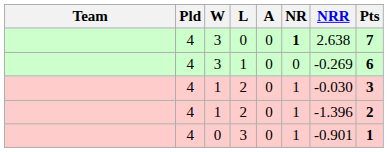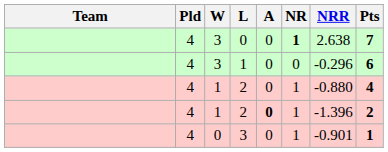 <table class="wikitable" style="text-align:center">
 <tr>
 <th width=175>Team</th>
 <th width=20 abbr="Played">Pld</th>
 <th width=20 abbr="Won">W</th>
 <th width=20 abbr="Lost">L</th>
 <th width=20 abbr="Lost">A</th>
 <th width=20 abbr="No result">NR</th>
 <th width=20 abbr="Net run rate"><a href='#'>NRR</a></th>
 <th width=20 abbr="Points">Pts</th>
 </tr>
 <tr bgcolor="#ccffcc">
 <td align="left"></td>
 <td>4</td>
 <td>3</td>
 <td>0</td>
 <td>0</td>
 <td><strong>1</strong></td>
 <td>2.638</td>
 <td><strong>7</strong></td>
 </tr>
 <tr bgcolor="#ccffcc">
 <td align="left"></td>
 <td>4</td>
 <td>3</td>
 <td>1</td>
 <td>0</td>
 <td>0</td>
-<td>-0.269</td>
+<td>-0.296</td>
 <td><strong>6</strong></td>
 </tr>
 <tr bgcolor="#ffcccc">
 <td align="left"></td>
 <td>4</td>
 <td>1</td>
 <td>2</td>
 <td>0</td>
 <td>1</td>
-<td>-0.030</td>
-<td><strong>3</strong></td>
+<td>-0.880</td>
+<td><strong>4</strong></td>
 </tr>
 <tr bgcolor="#ffcccc">
 <td align="left"></td>
 <td>4</td>
 <td>1</td>
 <td>2</td>
-<td>0</td>
+<td><strong>0</strong></td>
 <td>1</td>
 <td>-1.396</td>
 <td><strong>2</strong></td>
 </tr>
 <tr bgcolor="#ffcccc">
 <td align="left"></td>
 <td>4</td>
 <td>0</td>
 <td>3</td>
 <td>0</td>
 <td>1</td>
 <td>-0.901</td>
 <td><strong>1</strong></td>
 </tr>
 </table>
